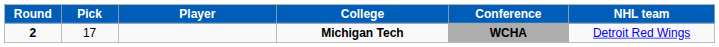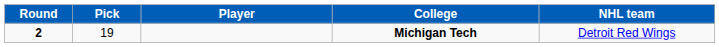 <table class="wikitable sortable" width="75%">
 <tr>
 <th style="color:white; background-color:#005EB8; width: 4em;">Round</th>
 <th style="color:white; background-color:#005EB8; width: 4em;">Pick</th>
 <th style="color:white; background-color:#005EB8; width: 12em;">Player</th>
 <th style="color:white; background-color:#005EB8; width: 13em;">College</th>
-<th style="color:white; background-color:#005EB8; width: 9em;">Conference</th>
 <th style="color:white; background-color:#005EB8; width: 11em;">NHL team</th>
 </tr>
 <tr align="center" bgcolor="">
 <td><strong>2</strong></td>
-<td>17</td>
+<td>19</td>
 <td></td>
 <td><strong>Michigan Tech</strong></td>
-<td style="color:black; background:#ADADAD; "><strong>WCHA</strong></td>
 <td><a href='#'>Detroit Red Wings</a></td>
 </tr>
 </table>
